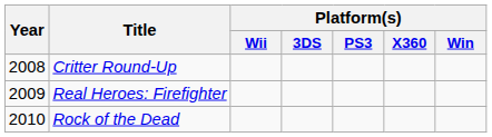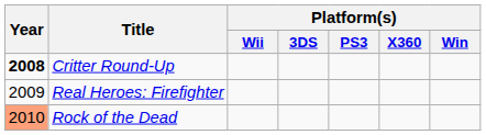 <table class="wikitable sortable">
 <tr>
 <th rowspan="2">Year</th>
 <th rowspan="2">Title</th>
 <th colspan="5">Platform(s)</th>
 </tr>
 <tr>
 <th style="width: 3em; font-size: 90%;"><a href='#'>Wii</a></th>
 <th style="width: 3em; font-size: 90%;"><a href='#'>3DS</a></th>
 <th style="width: 3em; font-size: 90%;"><a href='#'>PS3</a></th>
 <th style="width: 3em; font-size: 90%;"><a href='#'>X360</a></th>
 <th style="width: 3em; font-size: 90%;"><a href='#'>Win</a></th>
 </tr>
 <tr>
-<td>2008</td>
+<td><strong>2008</strong></td>
 <td><em><a href='#'>Critter Round-Up</a></em></td>
 <td></td>
 <td></td>
 <td></td>
 <td></td>
 <td></td>
 </tr>
 <tr>
 <td>2009</td>
 <td><em><a href='#'>Real Heroes: Firefighter</a></em></td>
 <td></td>
 <td></td>
 <td></td>
 <td></td>
 <td></td>
 </tr>
 <tr>
-<td>2010</td>
+<td style="background: lightsalmon;">2010</td>
 <td><em><a href='#'>Rock of the Dead</a></em></td>
 <td></td>
 <td></td>
 <td></td>
 <td></td>
 <td></td>
 </tr>
 </table>
